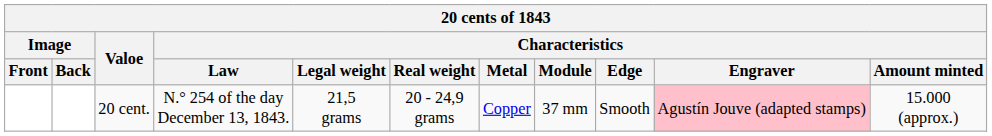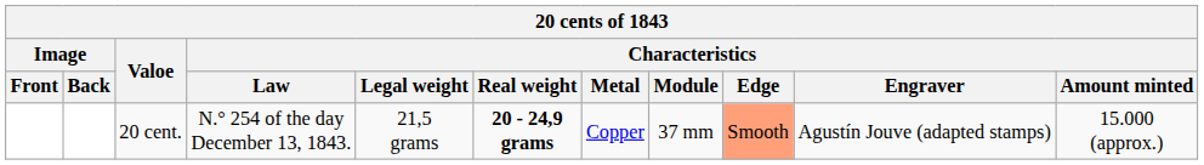 <table class="wikitable" align="center" style="font-size: 90%">
 <tr>
 <th colspan="11">20 cents of 1843</th>
 </tr>
 <tr>
 <th colspan="2">Image</th>
 <th rowspan="2">Valoe</th>
 <th colspan="8">Characteristics</th>
 </tr>
 <tr>
 <th>Front</th>
 <th>Back</th>
 <th>Law</th>
 <th>Legal weight</th>
 <th>Real weight</th>
 <th>Metal</th>
 <th>Module</th>
 <th>Edge</th>
 <th>Engraver</th>
 <th>Amount minted</th>
 </tr>
 <tr>
 <td align="center" bgcolor="#FFFFFF"></td>
 <td align="center" bgcolor="#FFFFFF"></td>
 <td style="text-align: center;">20 cent.</td>
 <td style="text-align: center;">N.° 254 of the day<br>December 13, 1843.</td>
 <td style="text-align: center;">21,5<br>grams</td>
-<td style="text-align: center;">20 - 24,9<br>grams</td>
+<td style="text-align: center;"><strong>20 - 24,9<br>grams</strong></td>
 <td style="text-align: center;"><a href='#'>Copper</a></td>
 <td style="text-align: center;">37 mm</td>
-<td style="text-align: center;">Smooth</td>
-<td style="background: pink; text-align: center;">Agustín Jouve (adapted stamps)</td>
+<td style="background: lightsalmon; text-align: center;">Smooth</td>
+<td style="text-align: center;">Agustín Jouve (adapted stamps)</td>
 <td style="text-align: center;">15.000<br>(approx.)</td>
 </tr>
 </table>
